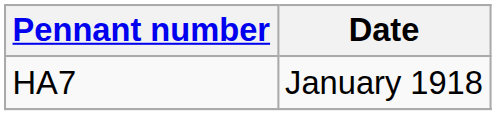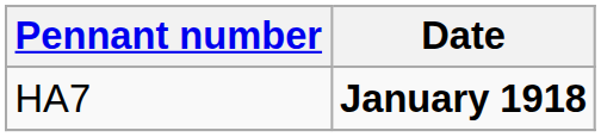 <table class="wikitable" style="text-align:left">
 <tr>
 <th scope="col"><a href='#'>Pennant number</a></th>
 <th>Date</th>
 </tr>
 <tr>
 <td scope="row">HA7</td>
-<td>January 1918</td>
+<td><strong>January 1918</strong></td>
 </tr>
 <tr>
 </tr>
 </table>
